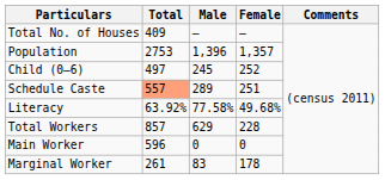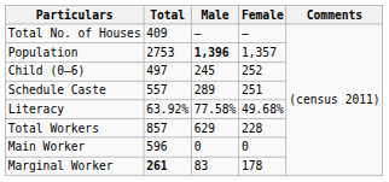 <table class="wikitable">
 <tr>
 <th>Particulars</th>
 <th>Total</th>
 <th>Male</th>
 <th>Female</th>
 <th>Comments</th>
 </tr>
 <tr>
 <td>Total No. of Houses</td>
 <td>409</td>
 <td>—</td>
 <td>—</td>
 <td rowspan=8>(census 2011)</td>
 </tr>
 <tr>
 <td>Population</td>
 <td>2753</td>
-<td>1,396</td>
+<td><strong>1,396</strong></td>
 <td>1,357</td>
 </tr>
 <tr>
 <td>Child (0–6)</td>
 <td>497</td>
 <td>245</td>
 <td>252</td>
 </tr>
 <tr>
 <td>Schedule Caste</td>
-<td style="background: lightsalmon;">557</td>
+<td>557</td>
 <td>289</td>
 <td>251</td>
 </tr>
 <tr>
 <td>Literacy</td>
 <td>63.92%</td>
 <td>77.58%</td>
 <td>49.68%</td>
 </tr>
 <tr>
 <td>Total Workers</td>
 <td>857</td>
 <td>629</td>
 <td>228</td>
 </tr>
 <tr>
 <td>Main Worker</td>
 <td>596</td>
 <td>0</td>
 <td>0</td>
 </tr>
 <tr>
 <td>Marginal Worker</td>
-<td>261</td>
+<td><strong>261</strong></td>
 <td>83</td>
 <td>178</td>
 </tr>
 </table>
